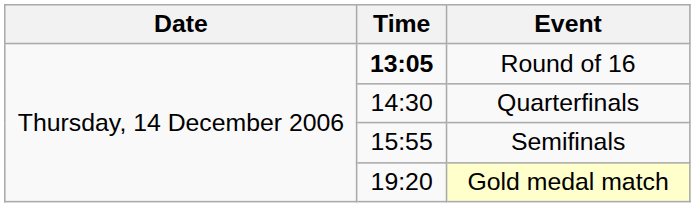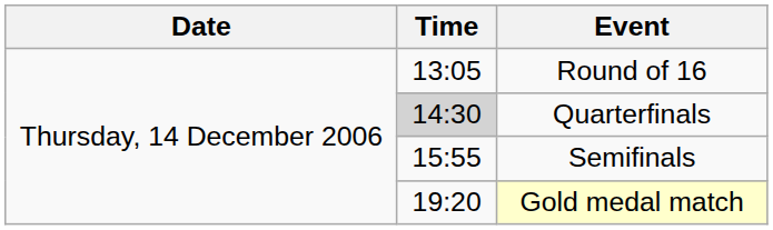 <table class = "wikitable" style="text-align:center;">
 <tr>
 <th width=220>Date</th>
 <th width=50>Time</th>
 <th width=150>Event</th>
 </tr>
 <tr>
 <td rowspan=4>Thursday, 14 December 2006</td>
-<td><strong>13:05</strong></td>
+<td>13:05</td>
 <td>Round of 16</td>
 </tr>
 <tr>
-<td>14:30</td>
+<td style="background: lightgrey;">14:30</td>
 <td>Quarterfinals</td>
 </tr>
 <tr>
 <td>15:55</td>
 <td>Semifinals</td>
 </tr>
 <tr>
 <td>19:20</td>
 <td bgcolor=ffffcc>Gold medal match</td>
 </tr>
 </table>
